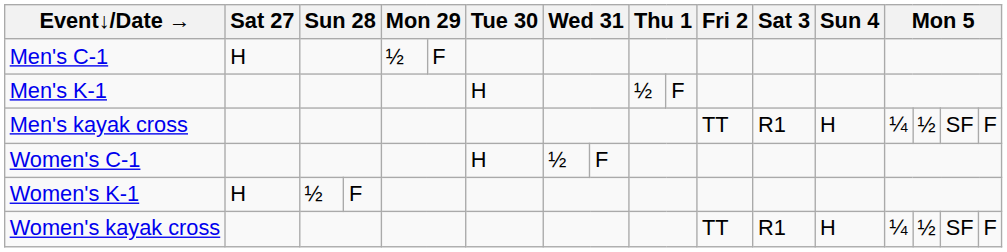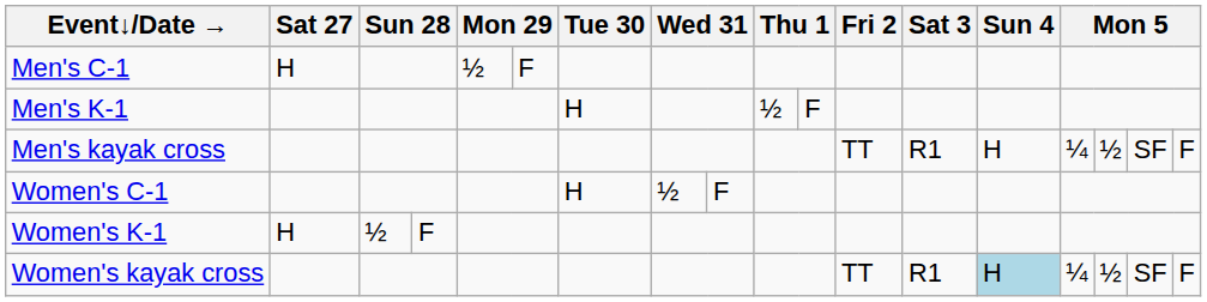 <table class="wikitable olympic-schedule canoeing-2024">
 <tr>
 <th>Event↓/Date →</th>
 <th>Sat 27</th>
 <th colspan="2">Sun 28</th>
 <th colspan="2">Mon 29</th>
 <th>Tue 30</th>
 <th colspan="2">Wed 31</th>
 <th colspan="2">Thu 1</th>
 <th>Fri 2</th>
 <th>Sat 3</th>
 <th>Sun 4</th>
 <th colspan=4>Mon 5</th>
 </tr>
 <tr>
 <td class="event"><a href='#'>Men's C-1</a></td>
 <td class="heats">H</td>
 <td colspan="2"></td>
 <td class="semifinals">½</td>
 <td class="final">F</td>
 <td></td>
 <td colspan="2"></td>
 <td colspan="2"></td>
 <td></td>
 <td></td>
 <td></td>
 <td colspan=4></td>
 </tr>
 <tr>
 <td class="event"><a href='#'>Men's K-1</a></td>
 <td></td>
 <td colspan="2"></td>
 <td colspan="2"></td>
 <td class="heats">H</td>
 <td colspan="2"></td>
 <td class="semifinals">½</td>
 <td class="final">F</td>
 <td></td>
 <td></td>
 <td></td>
 <td colspan=4></td>
 </tr>
 <tr>
 <td class="event"><a href='#'>Men's kayak cross</a></td>
 <td></td>
 <td colspan="2"></td>
 <td colspan="2"></td>
 <td></td>
 <td colspan="2"></td>
 <td colspan="2"></td>
 <td class="time-trial">TT</td>
 <td class="heats">R1</td>
 <td class="heats">H</td>
 <td class="quarterfinals">¼</td>
 <td class="semifinals">½</td>
 <td class="small-final">SF</td>
 <td class="final">F</td>
 </tr>
 <tr>
 <td class="event"><a href='#'>Women's C-1</a></td>
 <td></td>
 <td colspan="2"></td>
 <td colspan="2"></td>
 <td class="heats">H</td>
 <td class="semifinals">½</td>
 <td class="final">F</td>
 <td colspan="2"></td>
 <td></td>
 <td></td>
 <td></td>
 <td colspan=4></td>
 </tr>
 <tr>
 <td class="event"><a href='#'>Women's K-1</a></td>
 <td class="heats">H</td>
 <td class="semifinals">½</td>
 <td class="final">F</td>
 <td colspan="2"></td>
 <td></td>
 <td colspan="2"></td>
 <td colspan="2"></td>
 <td></td>
 <td></td>
 <td></td>
 <td colspan=4></td>
 </tr>
 <tr>
 <td class="event"><a href='#'>Women's kayak cross</a></td>
 <td></td>
 <td colspan="2"></td>
 <td colspan="2"></td>
 <td></td>
 <td colspan="2"></td>
 <td colspan="2"></td>
 <td class="time-trial">TT</td>
 <td class="heats">R1</td>
-<td class="heats">H</td>
+<td class="heats" style="background: lightblue;">H</td>
 <td class="quarterfinals">¼</td>
 <td class="semifinals">½</td>
 <td class="small-final">SF</td>
 <td class="final">F</td>
 </tr>
 </table>
